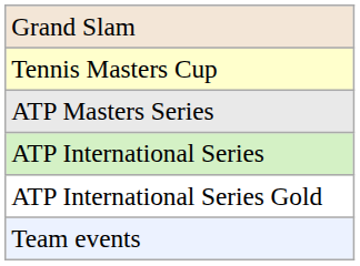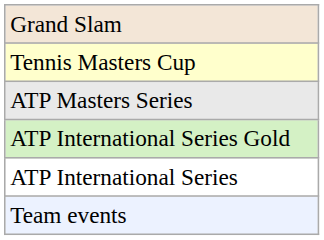 <table class="wikitable"  style="font-size:95%; width:13%;">
 <tr style="background:#F3E6D7;">
 <td>Grand Slam</td>
 </tr>
 <tr style="background:#FFFFCC;">
 <td>Tennis Masters Cup</td>
 </tr>
 <tr style="background:#E9E9E9;">
 <td>ATP Masters Series</td>
 </tr>
 <tr style="background:#d4f1c5;">
-<td>ATP International Series</td>
+<td>ATP International Series Gold</td>
 </tr>
 <tr style="background:#fff;">
-<td>ATP International Series Gold</td>
+<td>ATP International Series</td>
 </tr>
 <tr style="background:#ECF2FF;">
 <td>Team events</td>
 </tr>
 </table>
